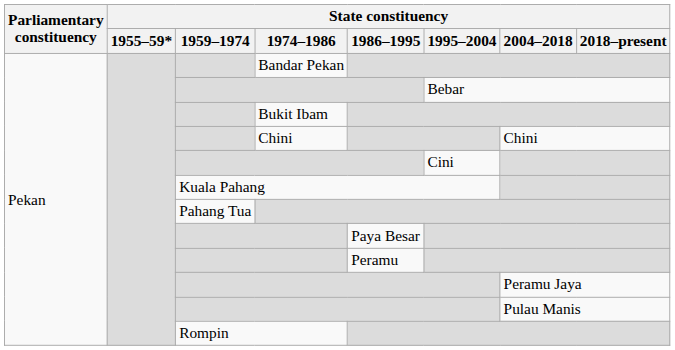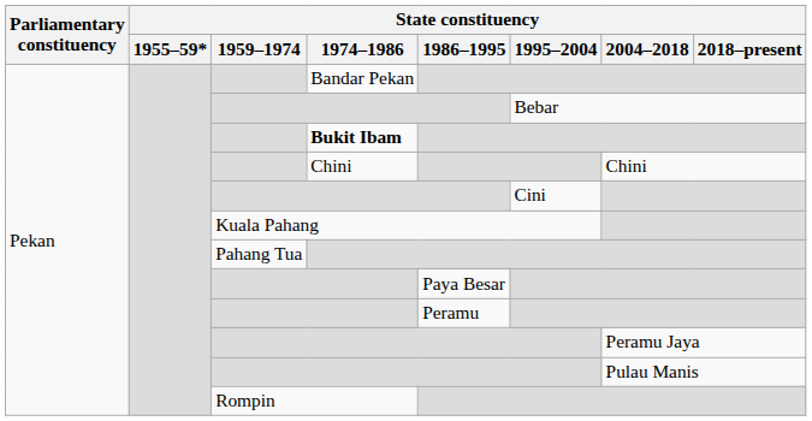 <table class="wikitable">
 <tr>
 <th rowspan="2">Parliamentary<br>constituency</th>
 <th colspan="7">State constituency</th>
 </tr>
 <tr>
 <th>1955–59*</th>
 <th>1959–1974</th>
 <th>1974–1986</th>
 <th>1986–1995</th>
 <th>1995–2004</th>
 <th>2004–2018</th>
 <th>2018–present</th>
 </tr>
 <tr>
 <td rowspan="12">Pekan</td>
 <td rowspan="12" bgcolor="dcdcdc"></td>
 <td bgcolor="dcdcdc"></td>
 <td>Bandar Pekan</td>
 <td colspan="4" bgcolor="dcdcdc"></td>
 </tr>
 <tr>
 <td colspan="3" bgcolor="dcdcdc"></td>
 <td colspan="3">Bebar</td>
 </tr>
 <tr>
 <td bgcolor="dcdcdc"></td>
-<td>Bukit Ibam</td>
+<td><strong>Bukit Ibam</strong></td>
 <td colspan="4" bgcolor="dcdcdc"></td>
 </tr>
 <tr>
 <td bgcolor="dcdcdc"></td>
 <td>Chini</td>
 <td colspan="2" bgcolor="dcdcdc"></td>
 <td colspan="2">Chini</td>
 </tr>
 <tr>
 <td colspan="3" bgcolor="dcdcdc"></td>
 <td>Cini</td>
 <td colspan="2" bgcolor="dcdcdc"></td>
 </tr>
 <tr>
 <td colspan="4">Kuala Pahang</td>
 <td colspan="2" bgcolor="dcdcdc"></td>
 </tr>
 <tr>
 <td>Pahang Tua</td>
 <td colspan="5" bgcolor="dcdcdc"></td>
 </tr>
 <tr>
 <td colspan="2" bgcolor="dcdcdc"></td>
 <td>Paya Besar</td>
 <td colspan="3" bgcolor="dcdcdc"></td>
 </tr>
 <tr>
 <td colspan="2" bgcolor="dcdcdc"></td>
 <td>Peramu</td>
 <td colspan="3" bgcolor="dcdcdc"></td>
 </tr>
 <tr>
 <td colspan="4" bgcolor="dcdcdc"></td>
 <td colspan="2">Peramu Jaya</td>
 </tr>
 <tr>
 <td colspan="4" bgcolor="dcdcdc"></td>
 <td colspan="2">Pulau Manis</td>
 </tr>
 <tr>
 <td colspan="2">Rompin</td>
 <td colspan="4" bgcolor="dcdcdc"></td>
 </tr>
 </table>
